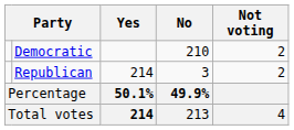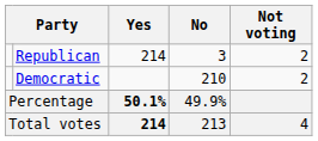 <table class="wikitable" style="margin-right: 1em; background: #f9f9f9; text-align: right;">
 <tr>
 <th colspan="2" scope="col" style="width: 90px">Party</th>
 <th scope="col" style="width: 50px">Yes</th>
 <th scope="col" style="width: 50px">No</th>
 <th scope="col" style="width: 70px">Not voting</th>
 </tr>
 <tr>
 <td scope="row" style="background-color:"></td>
+<td scope="row" style="text-align: left;"><a href='#'>Republican</a></td>
+<td>214</td>
+<td>3</td>
+<td>2</td>
+</tr>
+<tr>
+<td scope="row" style="background-color:"></td>
 <td scope="row" style="text-align: left;"><a href='#'>Democratic</a></td>
 <td></td>
 <td>210</td>
 <td>2</td>
 </tr>
-<tr>
-<td scope="row" style="background-color:"></td>
-<td scope="row" style="text-align: left;"><a href='#'>Republican</a></td>
-<td>214</td>
-<td>3</td>
-<td>2</td>
-</tr>
 <tr class="tfoot" style="background:#f2f2f2;"|>
 <td scope="row" colspan="2" style="text-align:left;">Percentage</td>
 <td><strong>50.1%</strong></td>
-<td><strong>49.9%</strong></td>
+<td>49.9%</td>
 <td></td>
 </tr>
 <tr class="tfoot" style="background:#f2f2f2;">
 <td scope="row" colspan="2" style="text-align:left;">Total votes</td>
 <td> <strong>214</strong></td>
 <td>213</td>
 <td>4</td>
 </tr>
 </table>
